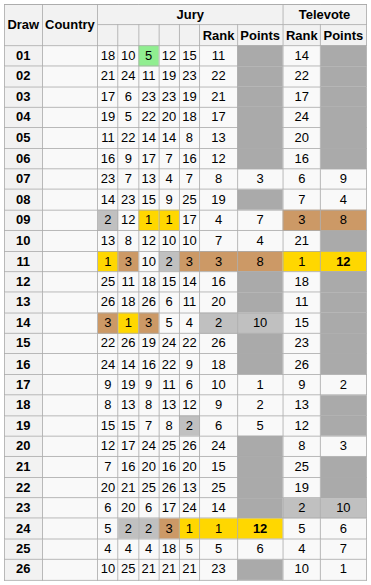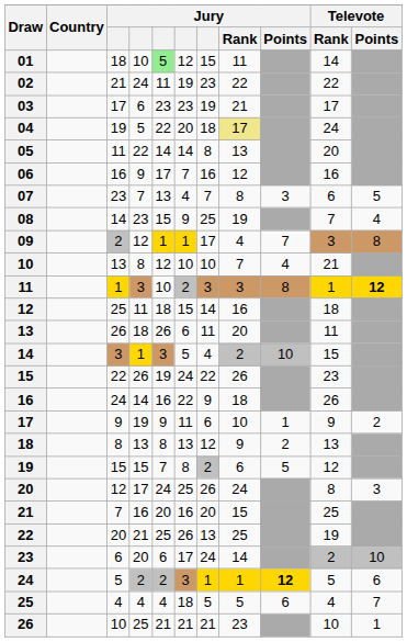 <table class="sortable wikitable collapsible plainrowheaders" style="text-align:center;">
 <tr>
 </tr>
 <tr>
 <th scope="col" rowspan="2">Draw</th>
 <th scope="col" rowspan="2">Country</th>
 <th scope="col" colspan="7">Jury</th>
 <th scope="col" colspan="2">Televote</th>
 </tr>
 <tr>
 <th scope="col"><small></small></th>
 <th scope="col"><small></small></th>
 <th scope="col"><small></small></th>
 <th scope="col"><small></small></th>
 <th scope="col"><small></small></th>
 <th scope="col">Rank</th>
 <th scope="col">Points</th>
 <th scope="col">Rank</th>
 <th scope="col">Points</th>
 </tr>
 <tr>
 <th scope="row" style="text-align:center;">01</th>
 <td style="text-align:left;"></td>
 <td>18</td>
 <td>10</td>
 <td style="background: lightgreen;">5</td>
 <td>12</td>
 <td>15</td>
 <td>11</td>
 <td style="background:#AAAAAA;"></td>
 <td>14</td>
 <td style="background:#AAAAAA;"></td>
 </tr>
 <tr>
 <th scope="row" style="text-align:center;">02</th>
 <td style="text-align:left;"></td>
 <td>21</td>
 <td>24</td>
 <td>11</td>
 <td>19</td>
 <td>23</td>
 <td>22</td>
 <td style="background:#AAAAAA;"></td>
 <td>22</td>
 <td style="background:#AAAAAA;"></td>
 </tr>
 <tr>
 <th scope="row" style="text-align:center;">03</th>
 <td style="text-align:left;"></td>
 <td>17</td>
 <td>6</td>
 <td>23</td>
 <td>23</td>
 <td>19</td>
 <td>21</td>
 <td style="background:#AAAAAA;"></td>
 <td>17</td>
 <td style="background:#AAAAAA;"></td>
 </tr>
 <tr>
 <th scope="row" style="text-align:center;">04</th>
 <td style="text-align:left;"></td>
 <td>19</td>
 <td>5</td>
 <td>22</td>
 <td>20</td>
 <td>18</td>
-<td>17</td>
+<td style="background: khaki;">17</td>
 <td style="background:#AAAAAA;"></td>
 <td>24</td>
 <td style="background:#AAAAAA;"></td>
 </tr>
 <tr>
 <th scope="row" style="text-align:center;">05</th>
 <td style="text-align:left;"></td>
 <td>11</td>
 <td>22</td>
 <td>14</td>
 <td>14</td>
 <td>8</td>
 <td>13</td>
 <td style="background:#AAAAAA;"></td>
 <td>20</td>
 <td style="background:#AAAAAA;"></td>
 </tr>
 <tr>
 <th scope="row" style="text-align:center;">06</th>
 <td style="text-align:left;"></td>
 <td>16</td>
 <td>9</td>
 <td>17</td>
 <td>7</td>
 <td>16</td>
 <td>12</td>
 <td style="background:#AAAAAA;"></td>
 <td>16</td>
 <td style="background:#AAAAAA;"></td>
 </tr>
 <tr>
 <th scope="row" style="text-align:center;">07</th>
 <td style="text-align:left;"></td>
 <td>23</td>
 <td>7</td>
 <td>13</td>
 <td>4</td>
 <td>7</td>
 <td>8</td>
 <td>3</td>
 <td>6</td>
-<td>9</td>
+<td>5</td>
 </tr>
 <tr>
 <th scope="row" style="text-align:center;">08</th>
 <td style="text-align:left;"></td>
 <td>14</td>
 <td>23</td>
 <td>15</td>
 <td>9</td>
 <td>25</td>
 <td>19</td>
 <td style="background:#AAAAAA;"></td>
 <td>7</td>
 <td>4</td>
 </tr>
 <tr>
 <th scope="row" style="text-align:center;">09</th>
 <td style="text-align:left;"></td>
 <td style="background:silver;">2</td>
 <td>12</td>
 <td style="background:gold;">1</td>
 <td style="background:gold;">1</td>
 <td>17</td>
 <td>4</td>
 <td>7</td>
 <td style="background:#CC9966;">3</td>
 <td style="background:#CC9966;">8</td>
 </tr>
 <tr>
 <th scope="row" style="text-align:center;">10</th>
 <td style="text-align:left;"></td>
 <td>13</td>
 <td>8</td>
 <td>12</td>
 <td>10</td>
 <td>10</td>
 <td>7</td>
 <td>4</td>
 <td>21</td>
 <td style="background:#AAAAAA;"></td>
 </tr>
 <tr>
 <th scope="row" style="text-align:center;">11</th>
 <td style="text-align:left;"></td>
 <td style="background:gold;">1</td>
 <td style="background:#CC9966;">3</td>
 <td>10</td>
 <td style="background:silver;">2</td>
 <td style="background:#CC9966;">3</td>
 <td style="background:#CC9966;">3</td>
 <td style="background:#CC9966;">8</td>
 <td style="background:gold;">1</td>
 <td style="background:gold;"><strong>12</strong></td>
 </tr>
 <tr>
 <th scope="row" style="text-align:center;">12</th>
 <td style="text-align:left;"></td>
 <td>25</td>
 <td>11</td>
 <td>18</td>
 <td>15</td>
 <td>14</td>
 <td>16</td>
 <td style="background:#AAAAAA;"></td>
 <td>18</td>
 <td style="background:#AAAAAA;"></td>
 </tr>
 <tr>
 <th scope="row" style="text-align:center;">13</th>
 <td style="text-align:left;"></td>
 <td>26</td>
 <td>18</td>
 <td>26</td>
 <td>6</td>
 <td>11</td>
 <td>20</td>
 <td style="background:#AAAAAA;"></td>
 <td>11</td>
 <td style="background:#AAAAAA;"></td>
 </tr>
 <tr>
 <th scope="row" style="text-align:center;">14</th>
 <td style="text-align:left;"></td>
 <td style="background:#CC9966;">3</td>
 <td style="background:gold;">1</td>
 <td style="background:#CC9966;">3</td>
 <td>5</td>
 <td>4</td>
 <td style="background:silver;">2</td>
 <td style="background:silver;">10</td>
 <td>15</td>
 <td style="background:#AAAAAA;"></td>
 </tr>
 <tr>
 <th scope="row" style="text-align:center;">15</th>
 <td style="text-align:left;"></td>
 <td>22</td>
 <td>26</td>
 <td>19</td>
 <td>24</td>
 <td>22</td>
 <td>26</td>
 <td style="background:#AAAAAA;"></td>
 <td>23</td>
 <td style="background:#AAAAAA;"></td>
 </tr>
 <tr>
 <th scope="row" style="text-align:center;">16</th>
 <td style="text-align:left;"></td>
 <td>24</td>
 <td>14</td>
 <td>16</td>
 <td>22</td>
 <td>9</td>
 <td>18</td>
 <td style="background:#AAAAAA;"></td>
 <td>26</td>
 <td style="background:#AAAAAA;"></td>
 </tr>
 <tr>
 <th scope="row" style="text-align:center;">17</th>
 <td style="text-align:left;"></td>
 <td>9</td>
 <td>19</td>
 <td>9</td>
 <td>11</td>
 <td>6</td>
 <td>10</td>
 <td>1</td>
 <td>9</td>
 <td>2</td>
 </tr>
 <tr>
 <th scope="row" style="text-align:center;">18</th>
 <td style="text-align:left;"></td>
 <td>8</td>
 <td>13</td>
 <td>8</td>
 <td>13</td>
 <td>12</td>
 <td>9</td>
 <td>2</td>
 <td>13</td>
 <td style="background:#AAAAAA;"></td>
 </tr>
 <tr>
 <th scope="row" style="text-align:center;">19</th>
 <td style="text-align:left;"></td>
 <td>15</td>
 <td>15</td>
 <td>7</td>
 <td>8</td>
 <td style="background:silver;">2</td>
 <td>6</td>
 <td>5</td>
 <td>12</td>
 <td style="background:#AAAAAA;"></td>
 </tr>
 <tr>
 <th scope="row" style="text-align:center;">20</th>
 <td style="text-align:left;"></td>
 <td>12</td>
 <td>17</td>
 <td>24</td>
 <td>25</td>
 <td>26</td>
 <td>24</td>
 <td style="background:#AAAAAA;"></td>
 <td>8</td>
 <td>3</td>
 </tr>
 <tr>
 <th scope="row" style="text-align:center;">21</th>
 <td style="text-align:left;"></td>
 <td>7</td>
 <td>16</td>
 <td>20</td>
 <td>16</td>
 <td>20</td>
 <td>15</td>
 <td style="background:#AAAAAA;"></td>
 <td>25</td>
 <td style="background:#AAAAAA;"></td>
 </tr>
 <tr>
 <th scope="row" style="text-align:center;">22</th>
 <td style="text-align:left;"></td>
 <td>20</td>
 <td>21</td>
 <td>25</td>
 <td>26</td>
 <td>13</td>
 <td>25</td>
 <td style="background:#AAAAAA;"></td>
 <td>19</td>
 <td style="background:#AAAAAA;"></td>
 </tr>
 <tr>
 <th scope="row" style="text-align:center;">23</th>
 <td style="text-align:left;"></td>
 <td>6</td>
 <td>20</td>
 <td>6</td>
 <td>17</td>
 <td>24</td>
 <td>14</td>
 <td style="background:#AAAAAA;"></td>
 <td style="background:silver;">2</td>
 <td style="background:silver;">10</td>
 </tr>
 <tr>
 <th scope="row" style="text-align:center;">24</th>
 <td style="text-align:left;"></td>
 <td>5</td>
 <td style="background:silver;">2</td>
 <td style="background:silver;">2</td>
 <td style="background:#CC9966;">3</td>
 <td style="background:gold;">1</td>
 <td style="background:gold;">1</td>
 <td style="background:gold;"><strong>12</strong></td>
 <td>5</td>
 <td>6</td>
 </tr>
 <tr>
 <th scope="row" style="text-align:center;">25</th>
 <td style="text-align:left;"></td>
 <td>4</td>
 <td>4</td>
 <td>4</td>
 <td>18</td>
 <td>5</td>
 <td>5</td>
 <td>6</td>
 <td>4</td>
 <td>7</td>
 </tr>
 <tr>
 <th scope="row" style="text-align:center;">26</th>
 <td style="text-align:left;"></td>
 <td>10</td>
 <td>25</td>
 <td>21</td>
 <td>21</td>
 <td>21</td>
 <td>23</td>
 <td style="background:#AAAAAA;"></td>
 <td>10</td>
 <td>1</td>
 </tr>
 </table>
